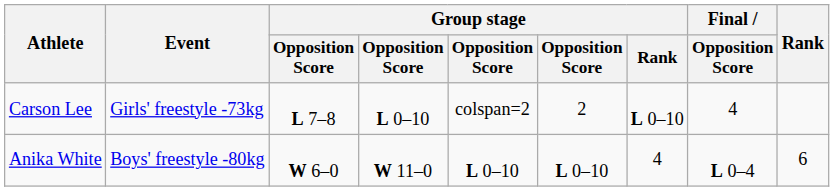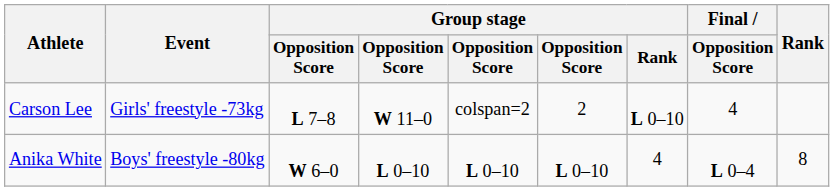 <table class="wikitable" style="font-size:90%">
 <tr>
 <th rowspan=2>Athlete</th>
 <th rowspan=2>Event</th>
 <th colspan=5>Group stage</th>
 <th>Final / </th>
 <th rowspan=2>Rank</th>
 </tr>
 <tr style="font-size:95%">
 <th>Opposition<br>Score</th>
 <th>Opposition<br>Score</th>
 <th>Opposition<br>Score</th>
 <th>Opposition<br>Score</th>
 <th>Rank</th>
 <th>Opposition<br>Score</th>
 </tr>
 <tr align=center>
 <td align=left><a href='#'>Carson Lee</a></td>
 <td align=left><a href='#'>Girls' freestyle -73kg</a></td>
 <td><br><strong>L</strong> 7–8</td>
-<td><br><strong>L</strong> 0–10</td>
+<td><br><strong>W</strong> 11–0</td>
 <td>colspan=2 </td>
 <td>2</td>
 <td><br><strong>L</strong> 0–10</td>
 <td>4</td>
 </tr>
 <tr align=center>
 <td align=left><a href='#'>Anika White</a></td>
 <td align=left><a href='#'>Boys' freestyle -80kg</a></td>
 <td><br><strong>W</strong> 6–0</td>
-<td><br><strong>W</strong> 11–0</td>
+<td><br><strong>L</strong> 0–10</td>
 <td><br><strong>L</strong> 0–10</td>
 <td><br><strong>L</strong> 0–10</td>
 <td>4</td>
 <td><br><strong>L</strong> 0–4</td>
-<td>6</td>
+<td>8</td>
 </tr>
 </table>
